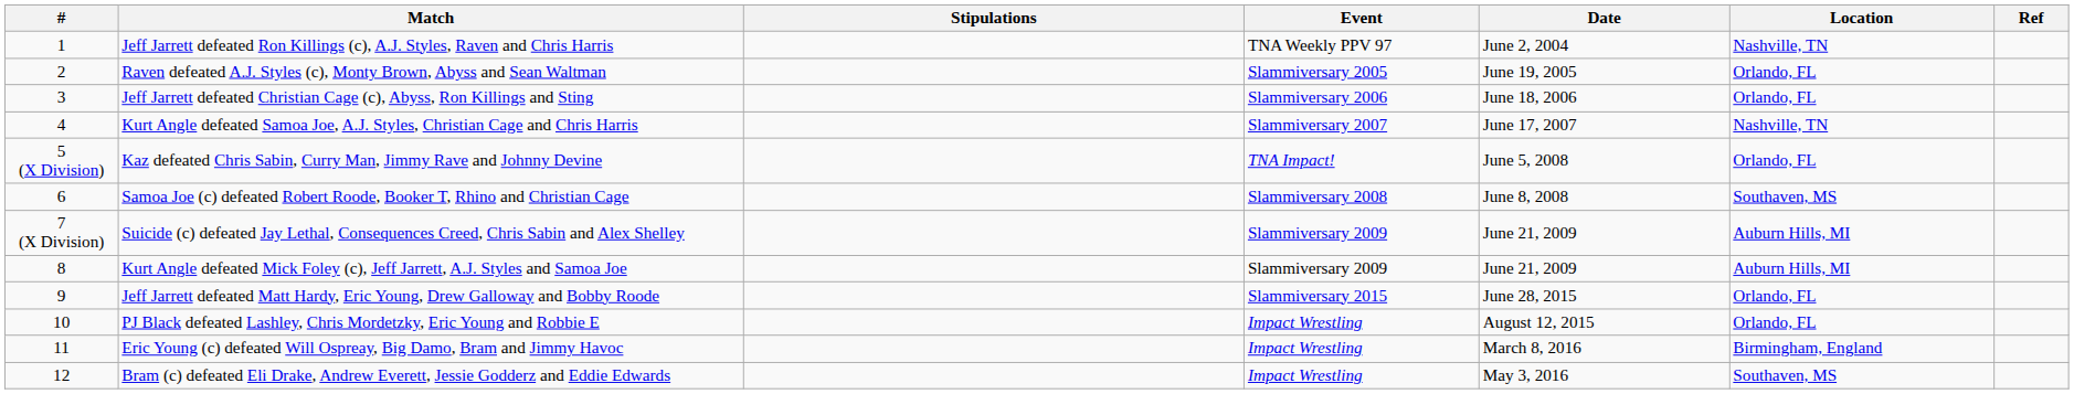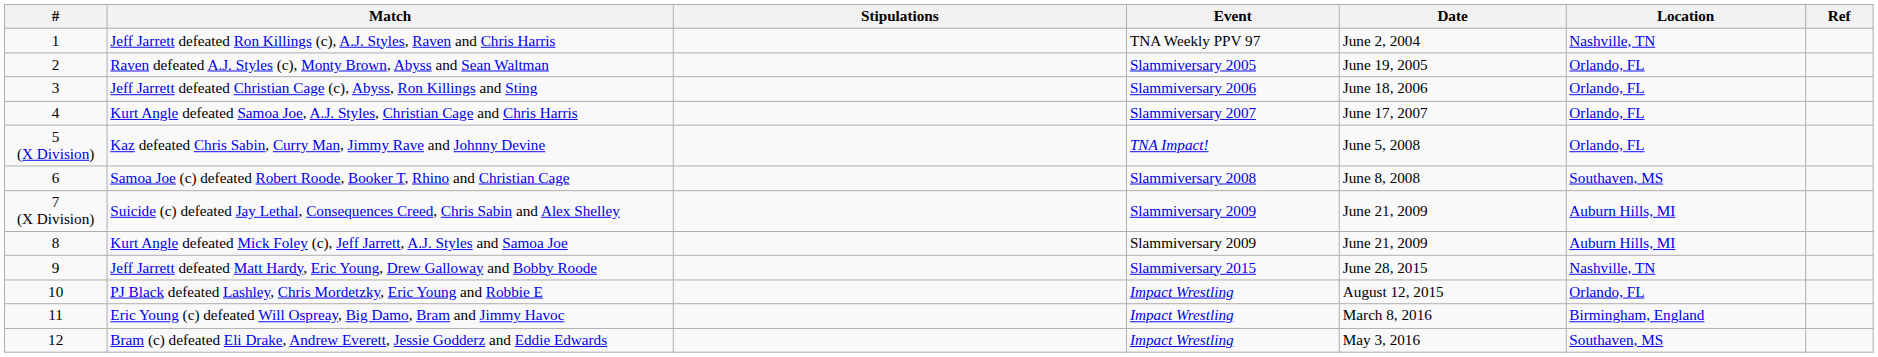 <table class="wikitable">
 <tr>
 <th width="1%">#</th>
 <th width="10%">Match</th>
 <th width="8%">Stipulations</th>
 <th width="3%">Event</th>
 <th width="4%">Date</th>
 <th width="4%">Location</th>
 <th width="1%">Ref</th>
 </tr>
 <tr>
 <td align=center>1</td>
 <td><a href='#'>Jeff Jarrett</a> defeated <a href='#'>Ron Killings</a> (c), <a href='#'>A.J. Styles</a>, <a href='#'>Raven</a> and <a href='#'>Chris Harris</a></td>
 <td></td>
 <td>TNA Weekly PPV 97</td>
 <td>June 2, 2004</td>
 <td><a href='#'>Nashville, TN</a></td>
 <td></td>
 </tr>
 <tr>
 <td align=center>2</td>
 <td><a href='#'>Raven</a> defeated <a href='#'>A.J. Styles</a> (c), <a href='#'>Monty Brown</a>, <a href='#'>Abyss</a> and <a href='#'>Sean Waltman</a></td>
 <td></td>
 <td><a href='#'>Slammiversary 2005</a></td>
 <td>June 19, 2005</td>
 <td><a href='#'>Orlando, FL</a></td>
 <td></td>
 </tr>
 <tr>
 <td align=center>3</td>
 <td><a href='#'>Jeff Jarrett</a> defeated <a href='#'>Christian Cage</a> (c), <a href='#'>Abyss</a>, <a href='#'>Ron Killings</a> and <a href='#'>Sting</a></td>
 <td></td>
 <td><a href='#'>Slammiversary 2006</a></td>
 <td>June 18, 2006</td>
 <td><a href='#'>Orlando, FL</a></td>
 <td></td>
 </tr>
 <tr>
 <td align=center>4</td>
 <td><a href='#'>Kurt Angle</a> defeated <a href='#'>Samoa Joe</a>, <a href='#'>A.J. Styles</a>, <a href='#'>Christian Cage</a> and <a href='#'>Chris Harris</a></td>
 <td></td>
 <td><a href='#'>Slammiversary 2007</a></td>
 <td>June 17, 2007</td>
-<td><a href='#'>Nashville, TN</a></td>
+<td><a href='#'>Orlando, FL</a></td>
 <td></td>
 </tr>
 <tr>
 <td align=center>5<br>(<a href='#'>X Division</a>)</td>
 <td><a href='#'>Kaz</a> defeated <a href='#'>Chris Sabin</a>, <a href='#'>Curry Man</a>, <a href='#'>Jimmy Rave</a> and <a href='#'>Johnny Devine</a></td>
 <td></td>
 <td><em><a href='#'>TNA Impact!</a></em></td>
 <td>June 5, 2008</td>
 <td><a href='#'>Orlando, FL</a></td>
 <td></td>
 </tr>
 <tr>
 <td align=center>6</td>
 <td><a href='#'>Samoa Joe</a> (c) defeated <a href='#'>Robert Roode</a>, <a href='#'>Booker T</a>, <a href='#'>Rhino</a> and <a href='#'>Christian Cage</a></td>
 <td></td>
 <td><a href='#'>Slammiversary 2008</a></td>
 <td>June 8, 2008</td>
 <td><a href='#'>Southaven, MS</a></td>
 <td></td>
 </tr>
 <tr>
 <td align=center>7<br>(X Division)</td>
 <td><a href='#'>Suicide</a> (c) defeated <a href='#'>Jay Lethal</a>, <a href='#'>Consequences Creed</a>, <a href='#'>Chris Sabin</a> and <a href='#'>Alex Shelley</a></td>
 <td></td>
 <td><a href='#'>Slammiversary 2009</a></td>
 <td>June 21, 2009</td>
 <td><a href='#'>Auburn Hills, MI</a></td>
 <td></td>
 </tr>
 <tr>
 <td align=center>8</td>
 <td><a href='#'>Kurt Angle</a> defeated <a href='#'>Mick Foley</a> (c), <a href='#'>Jeff Jarrett</a>, <a href='#'>A.J. Styles</a> and <a href='#'>Samoa Joe</a></td>
 <td></td>
 <td>Slammiversary 2009</td>
 <td>June 21, 2009</td>
 <td><a href='#'>Auburn Hills, MI</a></td>
 <td></td>
 </tr>
 <tr>
 <td align=center>9</td>
 <td><a href='#'>Jeff Jarrett</a> defeated <a href='#'>Matt Hardy</a>, <a href='#'>Eric Young</a>, <a href='#'>Drew Galloway</a> and <a href='#'>Bobby Roode</a></td>
 <td></td>
 <td><a href='#'>Slammiversary 2015</a></td>
 <td>June 28, 2015</td>
-<td><a href='#'>Orlando, FL</a></td>
+<td><a href='#'>Nashville, TN</a></td>
 <td></td>
 </tr>
 <tr>
 <td align=center>10</td>
 <td><a href='#'>PJ Black</a> defeated <a href='#'>Lashley</a>, <a href='#'>Chris Mordetzky</a>, <a href='#'>Eric Young</a> and <a href='#'>Robbie E</a></td>
 <td></td>
 <td><em><a href='#'>Impact Wrestling</a></em></td>
 <td>August 12, 2015</td>
 <td><a href='#'>Orlando, FL</a></td>
 <td></td>
 </tr>
 <tr>
 <td align=center>11</td>
 <td><a href='#'>Eric Young</a> (c) defeated <a href='#'>Will Ospreay</a>, <a href='#'>Big Damo</a>, <a href='#'>Bram</a> and <a href='#'>Jimmy Havoc</a></td>
 <td></td>
 <td><em><a href='#'>Impact Wrestling</a></em></td>
 <td>March 8, 2016</td>
 <td><a href='#'>Birmingham, England</a></td>
 <td></td>
 </tr>
 <tr>
 <td align=center>12</td>
 <td><a href='#'>Bram</a> (c) defeated <a href='#'>Eli Drake</a>, <a href='#'>Andrew Everett</a>, <a href='#'>Jessie Godderz</a> and <a href='#'>Eddie Edwards</a></td>
 <td></td>
 <td><em><a href='#'>Impact Wrestling</a></em></td>
 <td>May 3, 2016</td>
 <td><a href='#'>Southaven, MS</a></td>
 <td></td>
 </tr>
 </table>
